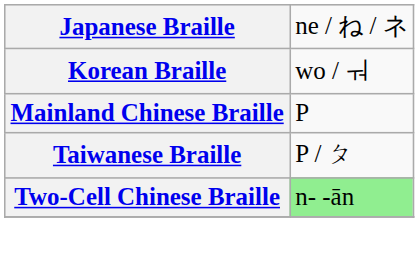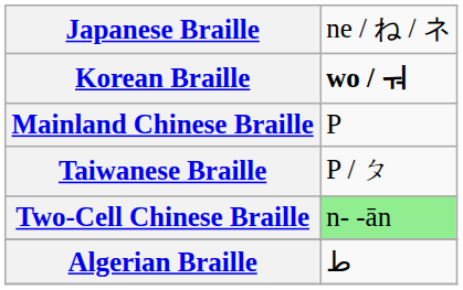 <table class="wikitable">
 <tr>
 <th align=left><a href='#'>Japanese Braille</a></th>
 <td>ne / ね / ネ </td>
 </tr>
 <tr>
 <th align=left><a href='#'>Korean Braille</a></th>
-<td>wo / ㅝ </td>
+<td><strong>wo / ㅝ </strong></td>
 </tr>
 <tr>
 <th align=left><a href='#'>Mainland Chinese Braille</a></th>
 <td>P </td>
 </tr>
 <tr>
 <th align=left><a href='#'>Taiwanese Braille</a></th>
 <td>P / ㄆ</td>
 </tr>
 <tr>
 <th align=left><a href='#'>Two-Cell Chinese Braille</a></th>
 <td style="background: lightgreen;">n- -ān</td>
 </tr>
 <tr>
 </tr>
 <tr>
 </tr>
 <tr>
+<th align=left><a href='#'>Algerian Braille</a></th>
+<td>ط ‎</td>
+</tr>
+<tr>
 </tr>
 </table>
